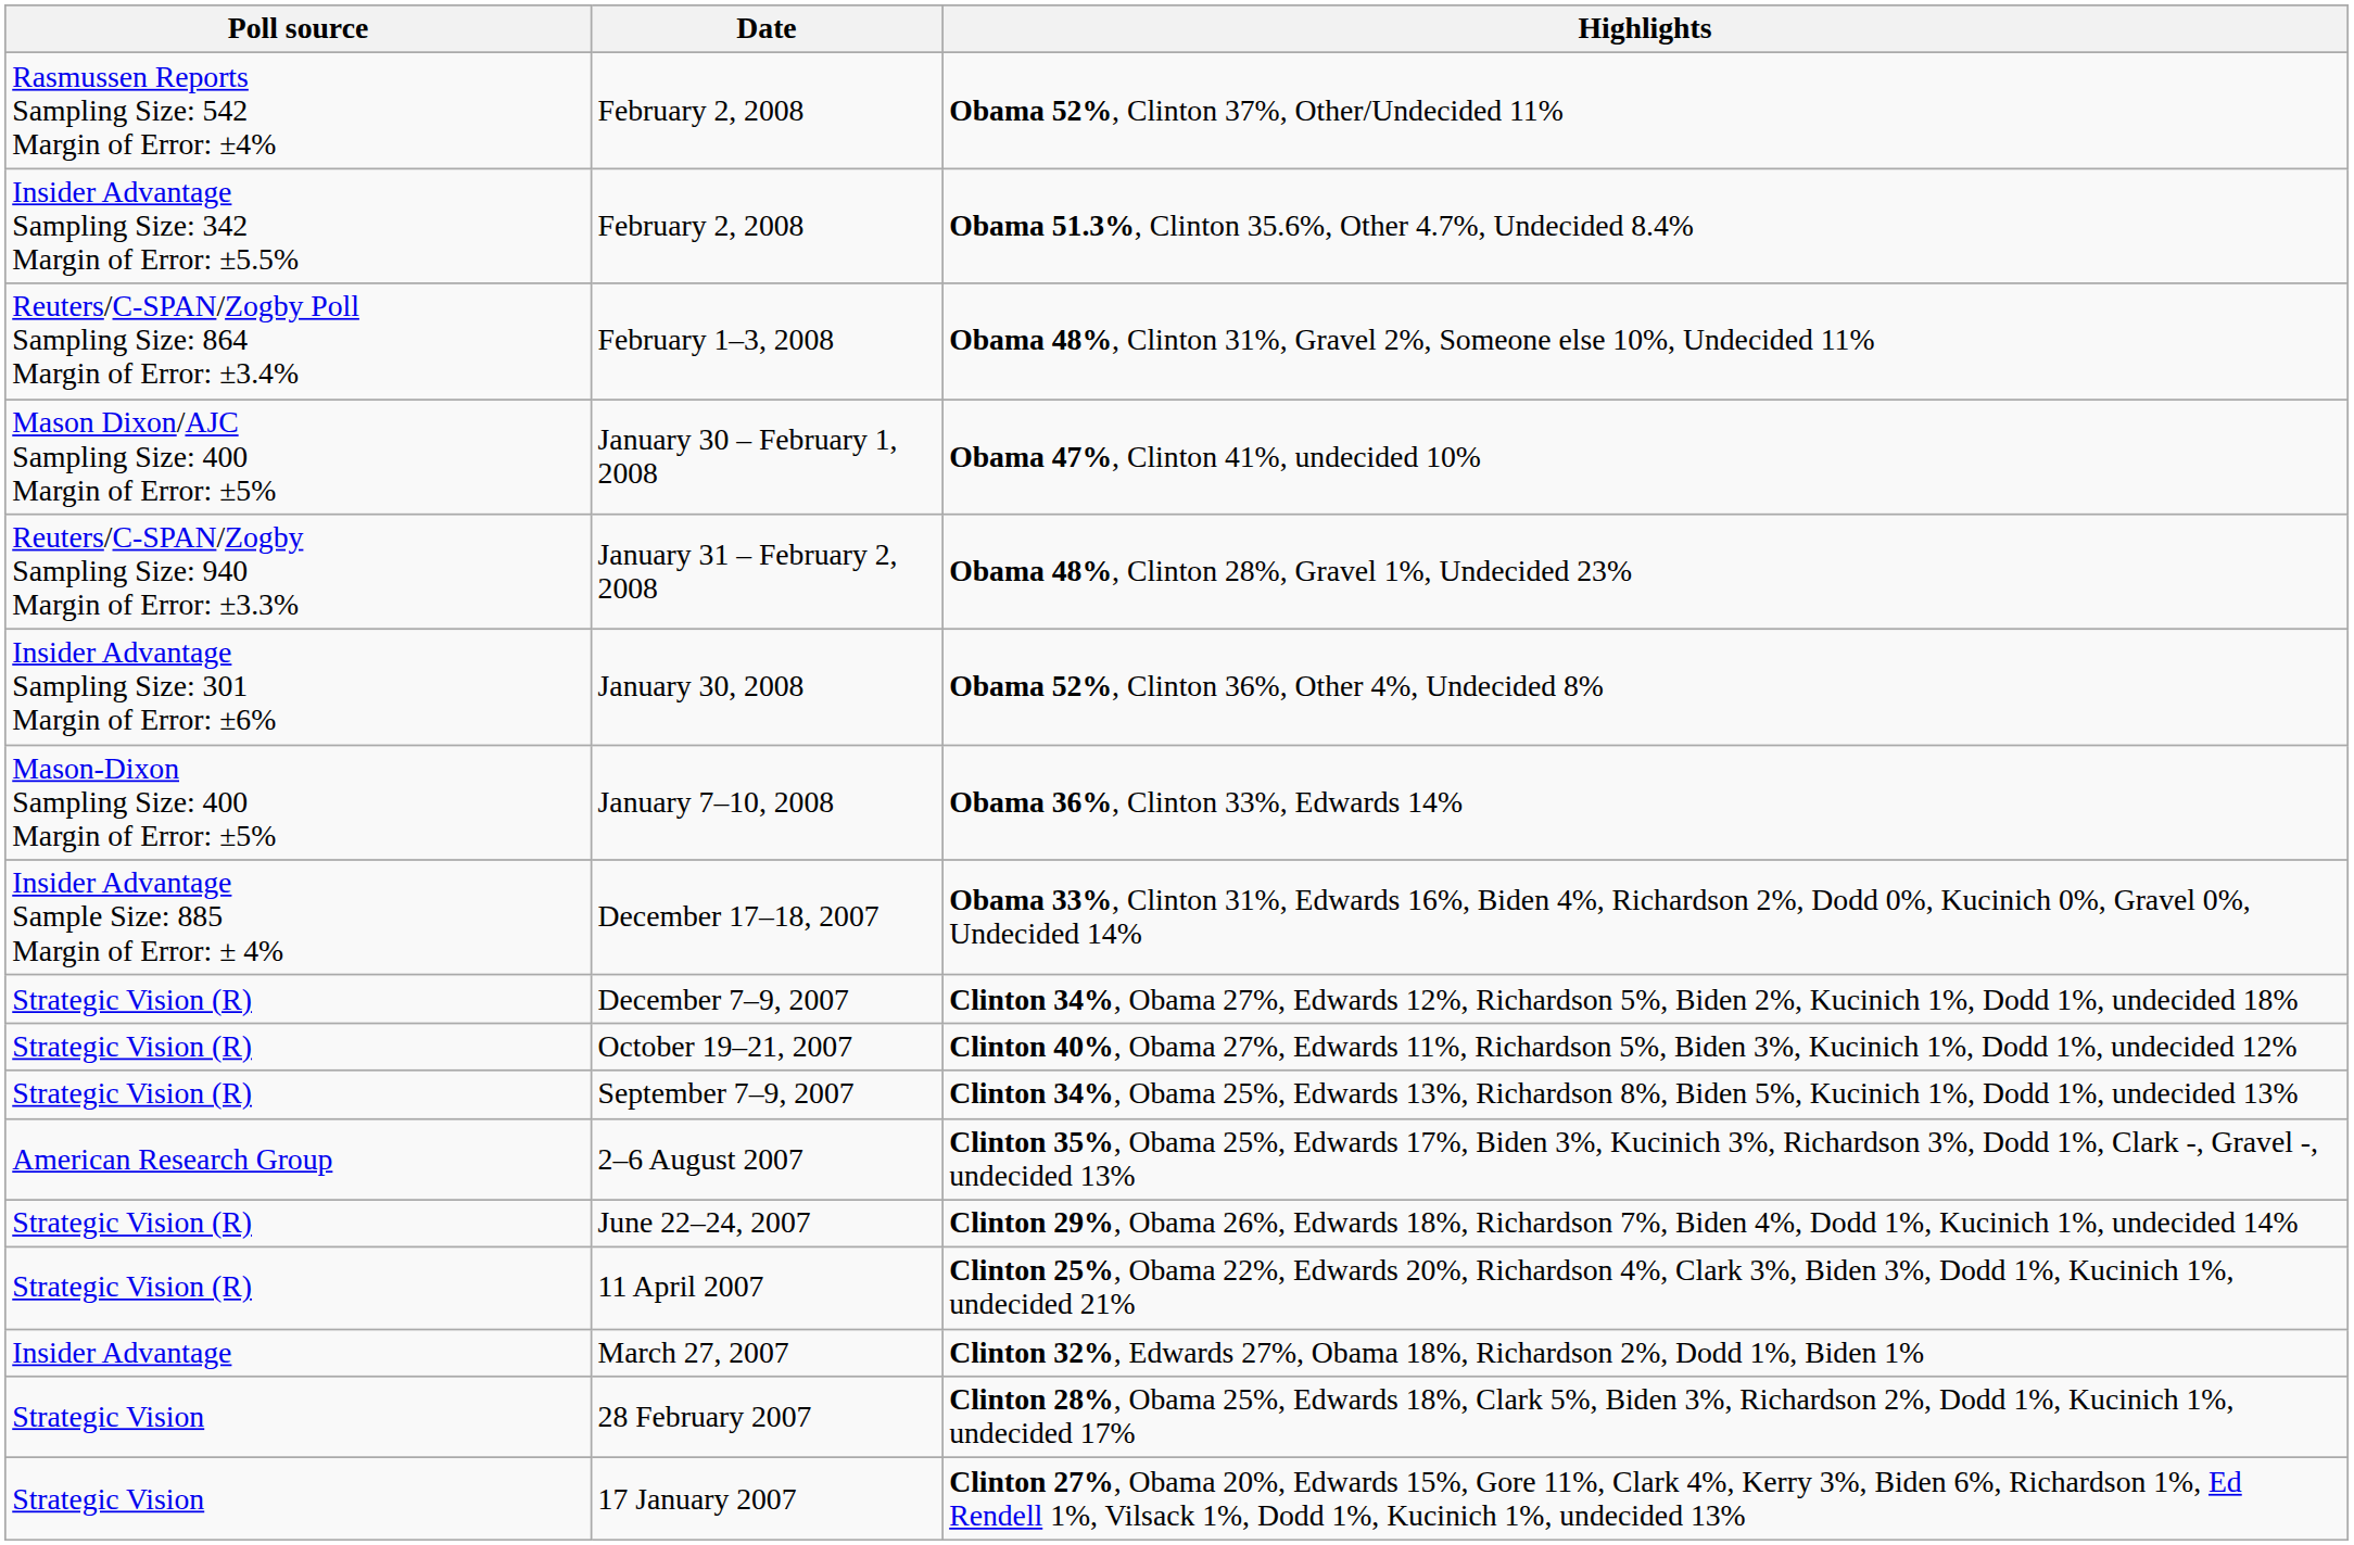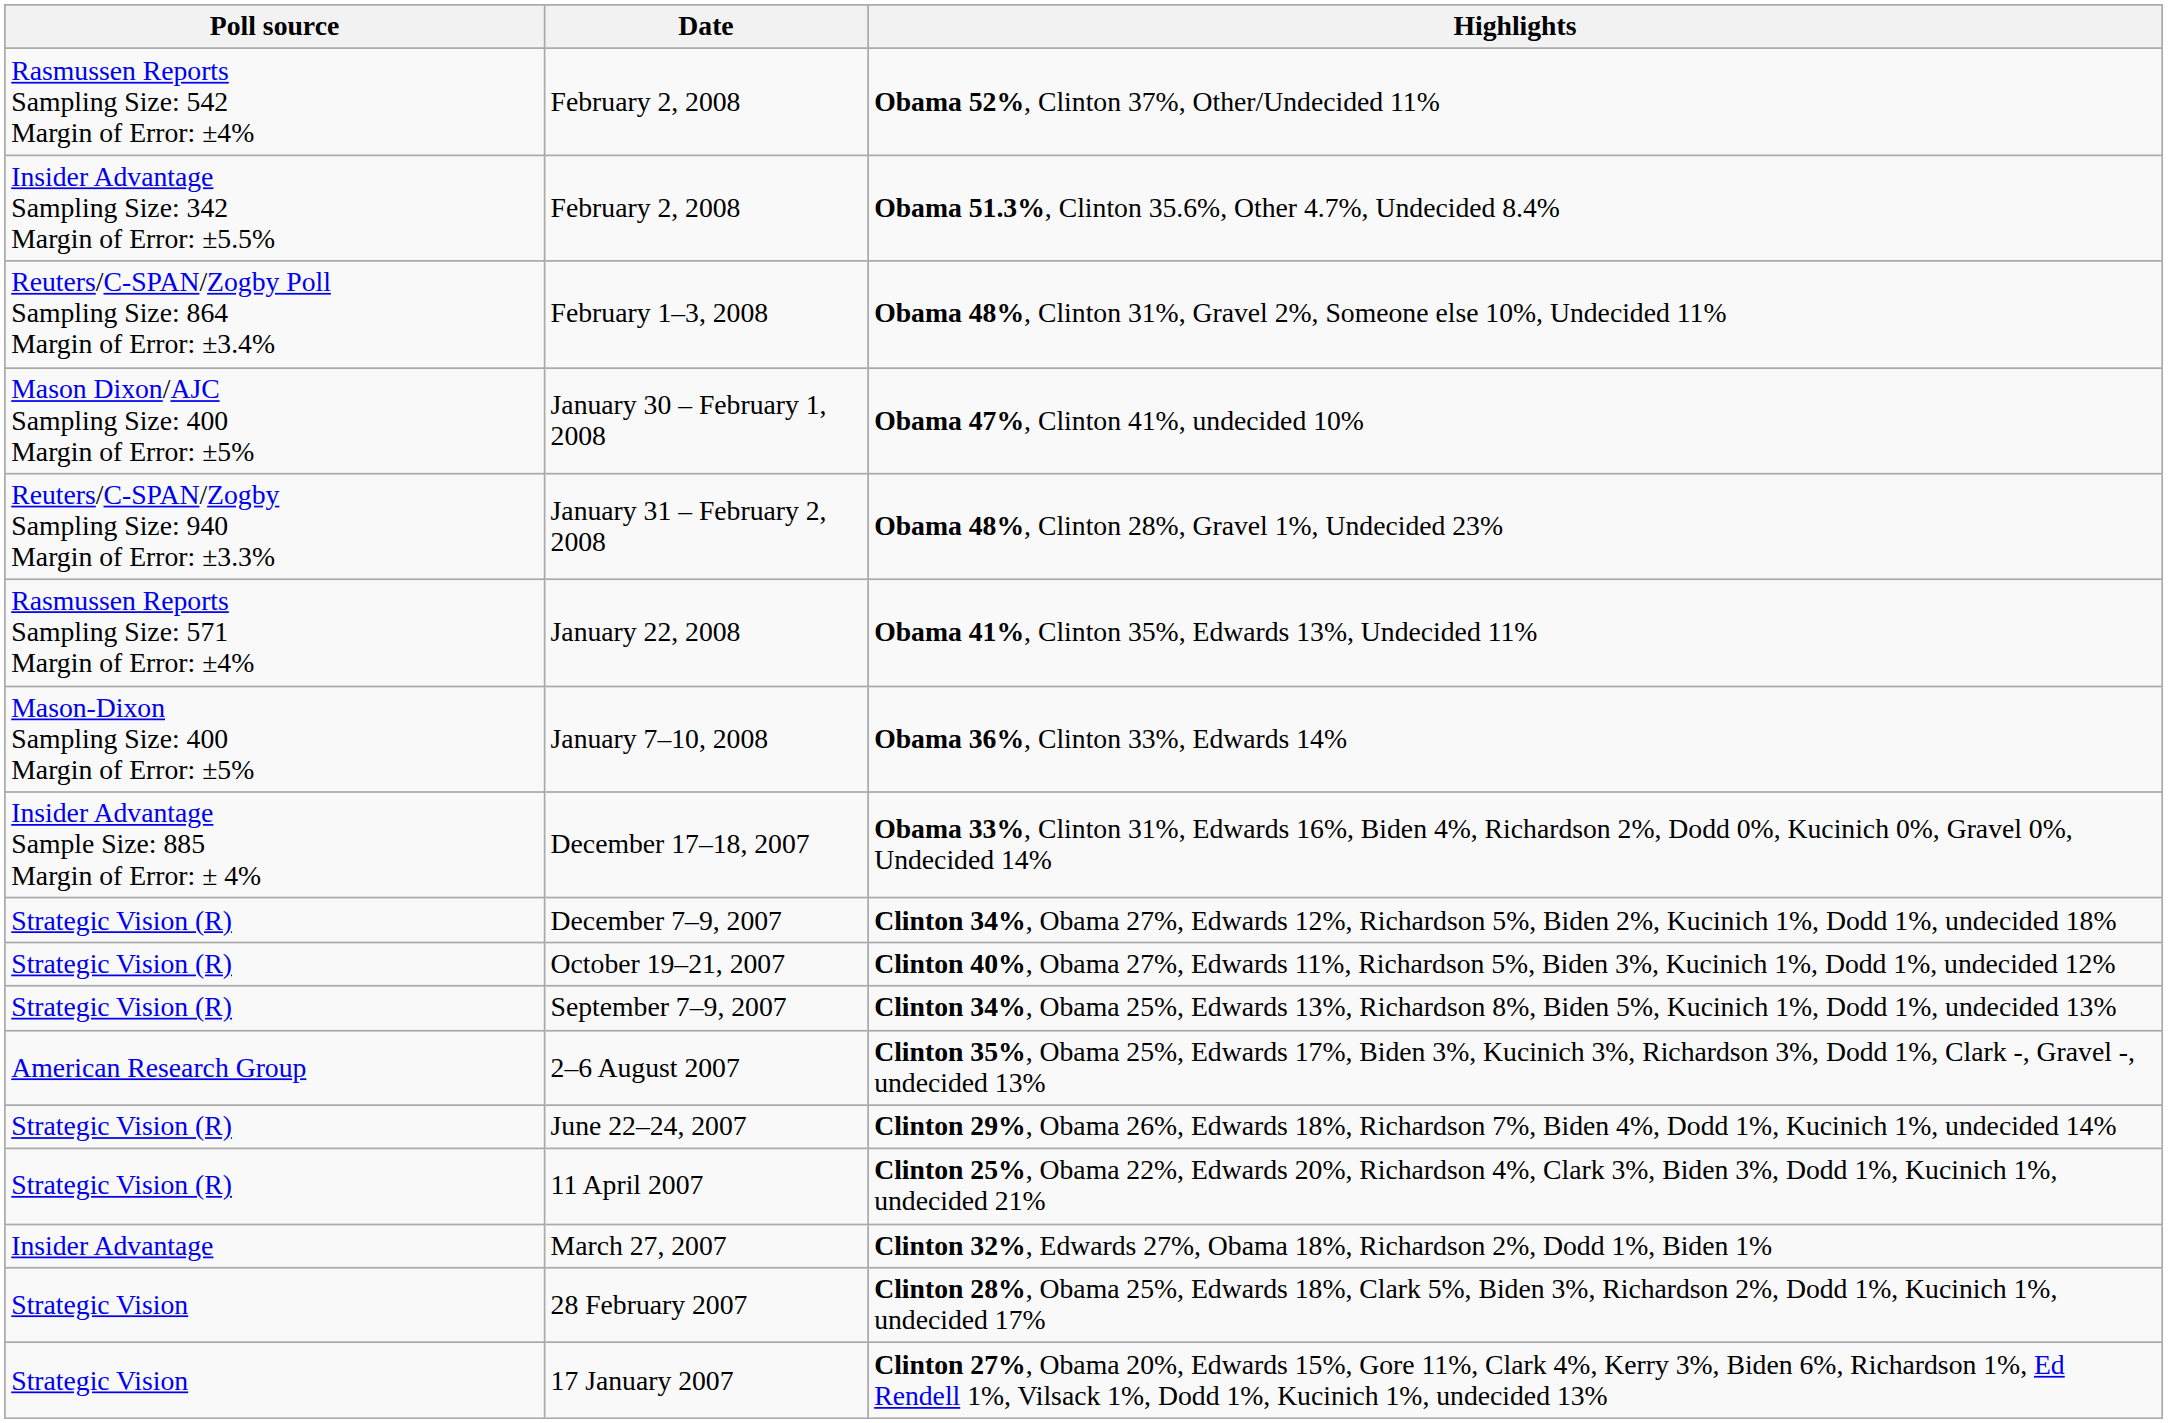 <table class="wikitable sortable">
 <tr>
 <th width="25%">Poll source</th>
 <th width="15%">Date</th>
 <th width="60%">Highlights</th>
 </tr>
 <tr>
 <td><a href='#'>Rasmussen Reports</a><br>Sampling Size: 542<br> Margin of Error: ±4%</td>
 <td>February 2, 2008</td>
 <td><strong>Obama 52%</strong>, Clinton 37%, Other/Undecided 11%</td>
 </tr>
 <tr>
 <td><a href='#'>Insider Advantage</a><br>Sampling Size: 342<br> Margin of Error: ±5.5%</td>
 <td>February 2, 2008</td>
 <td><strong>Obama 51.3%</strong>, Clinton 35.6%, Other 4.7%, Undecided 8.4%</td>
 </tr>
 <tr>
 <td><a href='#'>Reuters</a>/<a href='#'>C-SPAN</a>/<a href='#'>Zogby Poll</a><br>Sampling Size: 864<br> Margin of Error: ±3.4%</td>
 <td>February 1–3, 2008</td>
 <td><strong>Obama 48%</strong>, Clinton 31%, Gravel 2%, Someone else 10%, Undecided 11%</td>
 </tr>
 <tr>
 <td><a href='#'>Mason Dixon</a>/<a href='#'>AJC</a><br>Sampling Size: 400<br> Margin of Error: ±5%</td>
 <td>January 30 – February 1, 2008</td>
 <td><strong>Obama 47%</strong>, Clinton 41%, undecided 10%</td>
 </tr>
 <tr>
 <td><a href='#'>Reuters</a>/<a href='#'>C-SPAN</a>/<a href='#'>Zogby</a><br>Sampling Size: 940<br> Margin of Error: ±3.3%</td>
 <td>January 31 – February 2, 2008</td>
 <td><strong>Obama 48%</strong>, Clinton 28%, Gravel 1%, Undecided 23%</td>
 </tr>
 <tr>
-<td><a href='#'>Insider Advantage</a><br>Sampling Size: 301<br> Margin of Error: ±6%</td>
-<td>January 30, 2008</td>
-<td><strong>Obama 52%</strong>, Clinton 36%, Other 4%, Undecided 8%</td>
+<td><a href='#'>Rasmussen Reports</a><br>Sampling Size: 571<br> Margin of Error: ±4%</td>
+<td>January 22, 2008</td>
+<td><strong>Obama 41%</strong>, Clinton 35%, Edwards 13%, Undecided 11%</td>
 </tr>
 <tr>
 <td><a href='#'>Mason-Dixon</a><br>Sampling Size: 400<br> Margin of Error: ±5%</td>
 <td>January 7–10, 2008</td>
 <td><strong>Obama 36%</strong>, Clinton 33%, Edwards 14%</td>
 </tr>
 <tr>
 <td><a href='#'>Insider Advantage</a><br>Sample Size: 885<br> Margin of Error: ± 4%</td>
 <td>December 17–18, 2007</td>
 <td><strong>Obama 33%</strong>, Clinton 31%, Edwards 16%, Biden 4%, Richardson 2%, Dodd 0%, Kucinich 0%, Gravel 0%, Undecided 14%</td>
 </tr>
 <tr>
 <td><a href='#'>Strategic Vision (R)</a></td>
 <td>December 7–9, 2007</td>
 <td><strong>Clinton 34%</strong>, Obama 27%, Edwards 12%, Richardson 5%, Biden 2%, Kucinich 1%, Dodd 1%, undecided 18%</td>
 </tr>
 <tr>
 <td><a href='#'>Strategic Vision (R)</a></td>
 <td>October 19–21, 2007</td>
 <td><strong>Clinton 40%</strong>, Obama 27%, Edwards 11%, Richardson 5%, Biden 3%, Kucinich 1%, Dodd 1%, undecided 12%</td>
 </tr>
 <tr>
 <td><a href='#'>Strategic Vision (R)</a></td>
 <td>September 7–9, 2007</td>
 <td><strong>Clinton 34%</strong>, Obama 25%, Edwards 13%, Richardson 8%, Biden 5%, Kucinich 1%, Dodd 1%, undecided 13%</td>
 </tr>
 <tr>
 <td><a href='#'>American Research Group</a></td>
 <td>2–6 August 2007</td>
 <td><strong>Clinton 35%</strong>, Obama 25%, Edwards 17%, Biden 3%, Kucinich 3%, Richardson 3%, Dodd 1%, Clark -, Gravel -, undecided 13%</td>
 </tr>
 <tr>
 <td><a href='#'>Strategic Vision (R)</a></td>
 <td>June 22–24, 2007</td>
 <td><strong>Clinton 29%</strong>, Obama 26%, Edwards 18%, Richardson 7%, Biden 4%, Dodd 1%, Kucinich 1%, undecided 14%</td>
 </tr>
 <tr>
 <td><a href='#'>Strategic Vision (R)</a></td>
 <td>11 April 2007</td>
 <td><strong>Clinton 25%</strong>, Obama 22%, Edwards 20%, Richardson 4%, Clark 3%, Biden 3%, Dodd 1%, Kucinich 1%, undecided 21%</td>
 </tr>
 <tr>
 <td><a href='#'>Insider Advantage</a></td>
 <td>March 27, 2007</td>
 <td><strong>Clinton 32%</strong>, Edwards 27%, Obama 18%, Richardson 2%, Dodd 1%, Biden 1%</td>
 </tr>
 <tr>
 <td><a href='#'>Strategic Vision</a></td>
 <td>28 February 2007</td>
 <td><strong>Clinton 28%</strong>, Obama 25%, Edwards 18%, Clark 5%, Biden 3%, Richardson 2%, Dodd 1%, Kucinich 1%, undecided 17%</td>
 </tr>
 <tr>
 <td><a href='#'>Strategic Vision</a></td>
 <td>17 January 2007</td>
 <td><strong>Clinton 27%</strong>, Obama 20%, Edwards 15%, Gore 11%, Clark 4%, Kerry 3%, Biden 6%, Richardson 1%, <a href='#'>Ed Rendell</a> 1%, Vilsack 1%, Dodd 1%, Kucinich 1%, undecided 13%</td>
 </tr>
 </table>
